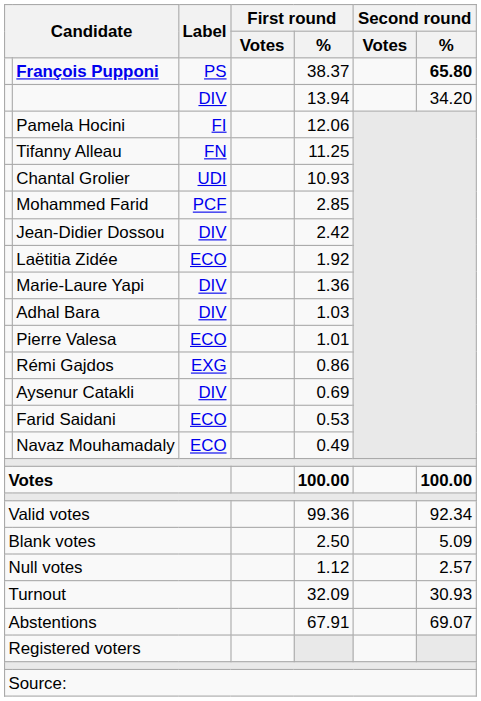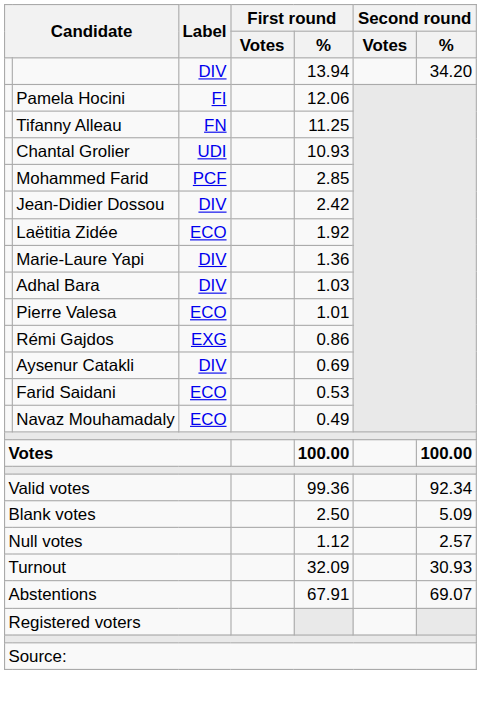 <table class="wikitable" style="text-align:right;font-size:95%;">
 <tr>
 <th rowspan="2" colspan="2">Candidate</th>
 <th rowspan="2">Label</th>
 <th colspan="2">First round</th>
 <th colspan="2">Second round</th>
 </tr>
 <tr>
 <th style="width:50px;">Votes</th>
 <th style="width:45px;">%</th>
 <th style="width:50px;">Votes</th>
 <th style="width:45px;">%</th>
-</tr>
-<tr>
-<td style="color:inherit;background:"></td>
-<td style="text-align:left;"><strong><a href='#'>François Pupponi</a></strong></td>
-<td><a href='#'>PS</a></td>
-<td></td>
-<td>38.37</td>
-<td><strong></strong></td>
-<td><strong>65.80</strong></td>
 </tr>
 <tr>
 <td style="color:inherit;background:"></td>
 <td style="text-align:left;"></td>
 <td><a href='#'>DIV</a></td>
 <td></td>
 <td>13.94</td>
 <td></td>
 <td>34.20</td>
 </tr>
 <tr>
 <td style="color:inherit;background:"></td>
 <td style="text-align:left;">Pamela Hocini</td>
 <td><a href='#'>FI</a></td>
 <td></td>
 <td>12.06</td>
 <td colspan="2" rowspan="13" style="background:#E9E9E9;"></td>
 </tr>
 <tr>
 <td style="color:inherit;background:"></td>
 <td style="text-align:left;">Tifanny Alleau</td>
 <td><a href='#'>FN</a></td>
 <td></td>
 <td>11.25</td>
 </tr>
 <tr>
 <td style="color:inherit;background:"></td>
 <td style="text-align:left;">Chantal Grolier</td>
 <td><a href='#'>UDI</a></td>
 <td></td>
 <td>10.93</td>
 </tr>
 <tr>
 <td style="color:inherit;background:"></td>
 <td style="text-align:left;">Mohammed Farid</td>
 <td><a href='#'>PCF</a></td>
 <td></td>
 <td>2.85</td>
 </tr>
 <tr>
 <td style="color:inherit;background:"></td>
 <td style="text-align:left;">Jean-Didier Dossou</td>
 <td><a href='#'>DIV</a></td>
 <td></td>
 <td>2.42</td>
 </tr>
 <tr>
 <td style="color:inherit;background:"></td>
 <td style="text-align:left;">Laëtitia Zidée</td>
 <td><a href='#'>ECO</a></td>
 <td></td>
 <td>1.92</td>
 </tr>
 <tr>
 <td style="color:inherit;background:"></td>
 <td style="text-align:left;">Marie-Laure Yapi</td>
 <td><a href='#'>DIV</a></td>
 <td></td>
 <td>1.36</td>
 </tr>
 <tr>
 <td style="color:inherit;background:"></td>
 <td style="text-align:left;">Adhal Bara</td>
 <td><a href='#'>DIV</a></td>
 <td></td>
 <td>1.03</td>
 </tr>
 <tr>
 <td style="color:inherit;background:"></td>
 <td style="text-align:left;">Pierre Valesa</td>
 <td><a href='#'>ECO</a></td>
 <td></td>
 <td>1.01</td>
 </tr>
 <tr>
 <td style="color:inherit;background:"></td>
 <td style="text-align:left;">Rémi Gajdos</td>
 <td><a href='#'>EXG</a></td>
 <td></td>
 <td>0.86</td>
 </tr>
 <tr>
 <td style="color:inherit;background:"></td>
 <td style="text-align:left;">Aysenur Catakli</td>
 <td><a href='#'>DIV</a></td>
 <td></td>
 <td>0.69</td>
 </tr>
 <tr>
 <td style="color:inherit;background:"></td>
 <td style="text-align:left;">Farid Saidani</td>
 <td><a href='#'>ECO</a></td>
 <td></td>
 <td>0.53</td>
 </tr>
 <tr>
 <td style="color:inherit;background:"></td>
 <td style="text-align:left;">Navaz Mouhamadaly</td>
 <td><a href='#'>ECO</a></td>
 <td></td>
 <td>0.49</td>
 </tr>
 <tr>
 <td colspan="7" style="background:#E9E9E9;"></td>
 </tr>
 <tr style="font-weight:bold;">
 <td colspan="3" style="text-align:left;">Votes</td>
 <td></td>
 <td>100.00</td>
 <td></td>
 <td>100.00</td>
 </tr>
 <tr>
 <td colspan="7" style="background:#E9E9E9;"></td>
 </tr>
 <tr>
 <td colspan="3" style="text-align:left;">Valid votes</td>
 <td></td>
 <td>99.36</td>
 <td></td>
 <td>92.34</td>
 </tr>
 <tr>
 <td colspan="3" style="text-align:left;">Blank votes</td>
 <td></td>
 <td>2.50</td>
 <td></td>
 <td>5.09</td>
 </tr>
 <tr>
 <td colspan="3" style="text-align:left;">Null votes</td>
 <td></td>
 <td>1.12</td>
 <td></td>
 <td>2.57</td>
 </tr>
 <tr>
 <td colspan="3" style="text-align:left;">Turnout</td>
 <td></td>
 <td>32.09</td>
 <td></td>
 <td>30.93</td>
 </tr>
 <tr>
 <td colspan="3" style="text-align:left;">Abstentions</td>
 <td></td>
 <td>67.91</td>
 <td></td>
 <td>69.07</td>
 </tr>
 <tr>
 <td colspan="3" style="text-align:left;">Registered voters</td>
 <td></td>
 <td style="color:inherit;background:#E9E9E9;"></td>
 <td></td>
 <td style="color:inherit;background:#E9E9E9;"></td>
 </tr>
 <tr>
 <td colspan="7" style="background:#E9E9E9;"></td>
 </tr>
 <tr>
 <td colspan="7" style="text-align:left;">Source: </td>
 </tr>
 </table>
